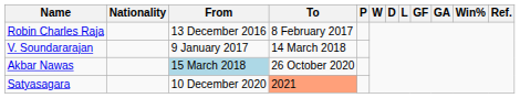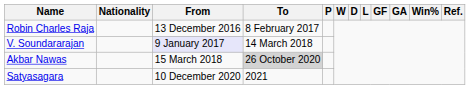 <table class="wikitable plainrowheaders sortable" style="text-align:center">
 <tr>
 <th>Name</th>
 <th>Nationality</th>
 <th>From</th>
 <th class="unsortable">To</th>
 <th>P</th>
 <th>W</th>
 <th>D</th>
 <th>L</th>
 <th>GF</th>
 <th>GA</th>
 <th>Win%</th>
 <th>Ref.</th>
 </tr>
 <tr>
 <td scope=row style=text-align:left><a href='#'>Robin Charles Raja</a></td>
 <td align=left></td>
 <td align=left>13 December 2016</td>
 <td align=left>8 February 2017<br></td>
 <td></td>
 </tr>
 <tr>
 <td scope=row style=text-align:left><a href='#'>V. Soundararajan</a></td>
 <td align=left></td>
-<td align=left>9 January 2017</td>
+<td align=left style="background: lavender;">9 January 2017</td>
 <td align=left>14 March 2018<br></td>
 <td></td>
 </tr>
 <tr>
 <td scope=row style=text-align:left><a href='#'>Akbar Nawas</a></td>
 <td align=left></td>
-<td align=left style="background: lightblue;">15 March 2018</td>
-<td align=left>26 October 2020<br></td>
+<td align=left>15 March 2018</td>
+<td align=left style="background: lightgrey;">26 October 2020<br></td>
 <td></td>
 </tr>
 <tr>
 <td scope=row style=text-align:left><a href='#'>Satyasagara</a></td>
 <td align=left></td>
 <td align=left>10 December 2020</td>
-<td align=left style="background: lightsalmon;">2021<br></td>
+<td align=left>2021<br></td>
 <td></td>
 </tr>
 </table>
